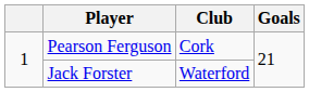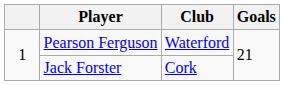 <table class="wikitable" border="1">
 <tr>
 <th width="28"></th>
 <th>Player</th>
 <th>Club</th>
 <th>Goals</th>
 </tr>
 <tr>
 <td align=center rowspan=2>1</td>
 <td><a href='#'>Pearson Ferguson</a></td>
-<td><a href='#'>Cork</a></td>
+<td><a href='#'>Waterford</a></td>
 <td rowspan="2">21</td>
 </tr>
 <tr>
 <td><a href='#'>Jack Forster</a></td>
-<td><a href='#'>Waterford</a></td>
+<td><a href='#'>Cork</a></td>
 </tr>
 </table>
